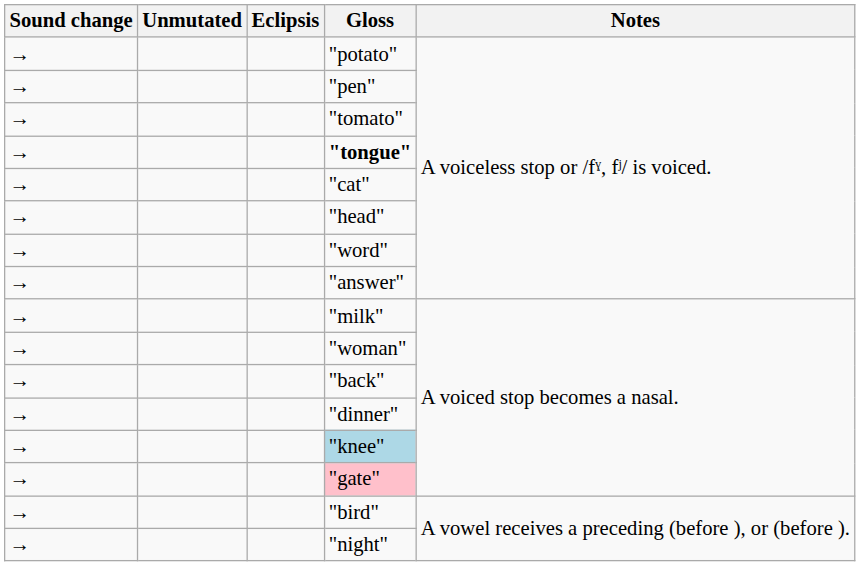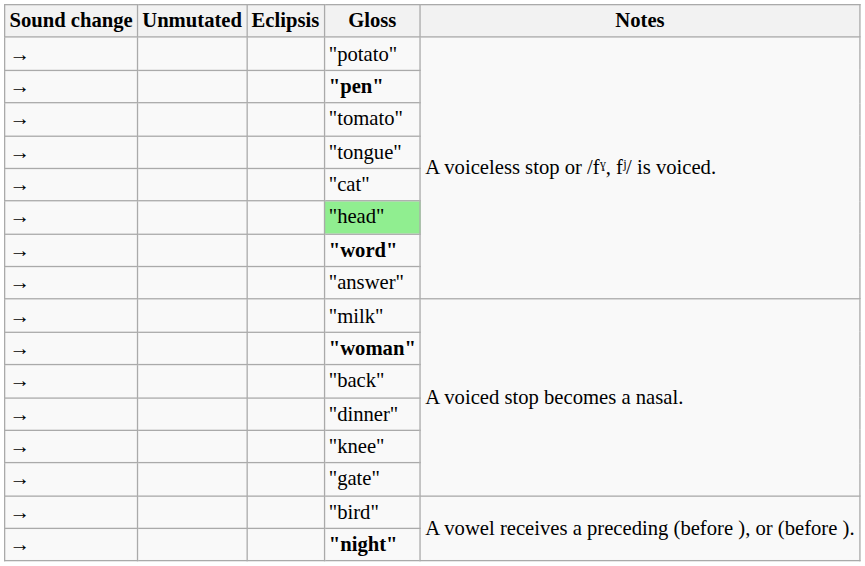 <table class="wikitable">
 <tr>
 <th>Sound change</th>
 <th>Unmutated</th>
 <th>Eclipsis</th>
 <th>Gloss</th>
 <th>Notes</th>
 </tr>
 <tr>
 <td> → </td>
 <td> </td>
 <td> </td>
 <td>"potato"</td>
 <td rowspan="8">A voiceless stop or /fˠ, fʲ/ is voiced.</td>
 </tr>
 <tr>
 <td> → </td>
 <td> </td>
 <td> </td>
-<td>"pen"</td>
+<td><strong>"pen"</strong></td>
 </tr>
 <tr>
 <td> → </td>
 <td> </td>
 <td> </td>
 <td>"tomato"</td>
 </tr>
 <tr>
 <td> → </td>
 <td> </td>
 <td> </td>
-<td><strong>"tongue"</strong></td>
+<td>"tongue"</td>
 </tr>
 <tr>
 <td> → </td>
 <td> </td>
 <td> </td>
 <td>"cat"</td>
 </tr>
 <tr>
 <td> → </td>
 <td> </td>
 <td> </td>
-<td>"head"</td>
+<td style="background: lightgreen;">"head"</td>
 </tr>
 <tr>
 <td> → </td>
 <td> </td>
 <td> </td>
-<td>"word"</td>
+<td><strong>"word"</strong></td>
 </tr>
 <tr>
 <td> → </td>
 <td> </td>
 <td> </td>
 <td>"answer"</td>
 </tr>
 <tr>
 <td> → </td>
 <td> </td>
 <td> </td>
 <td>"milk"</td>
 <td rowspan="6">A voiced stop becomes a nasal.</td>
 </tr>
 <tr>
 <td> → </td>
 <td> </td>
 <td> </td>
-<td>"woman"</td>
+<td><strong>"woman"</strong></td>
 </tr>
 <tr>
 <td> → </td>
 <td> </td>
 <td> </td>
 <td>"back"</td>
 </tr>
 <tr>
 <td> → </td>
 <td> </td>
 <td> </td>
 <td>"dinner"</td>
 </tr>
 <tr>
 <td> → </td>
 <td> </td>
 <td> </td>
-<td style="background: lightblue;">"knee"</td>
+<td>"knee"</td>
 </tr>
 <tr>
 <td> → </td>
 <td> </td>
 <td> </td>
-<td style="background: pink;">"gate"</td>
+<td>"gate"</td>
 </tr>
 <tr>
 <td> → </td>
 <td> </td>
 <td> </td>
 <td>"bird"</td>
 <td rowspan="2">A vowel receives a preceding  (before ), or  (before ).</td>
 </tr>
 <tr>
 <td> → </td>
 <td> </td>
 <td> </td>
-<td>"night"</td>
+<td><strong>"night"</strong></td>
 </tr>
 </table>
